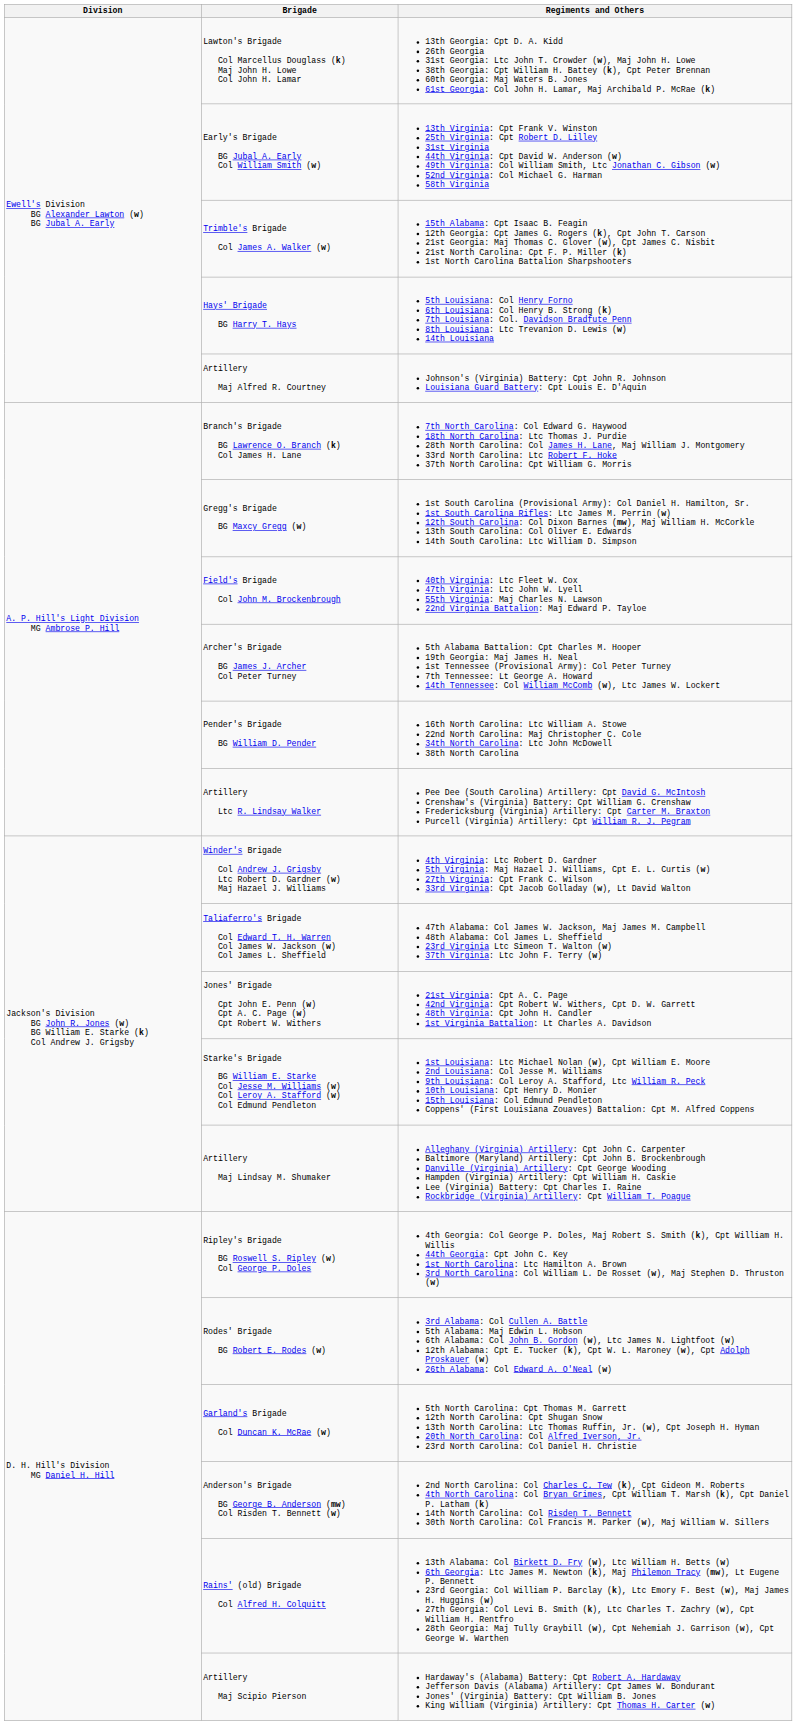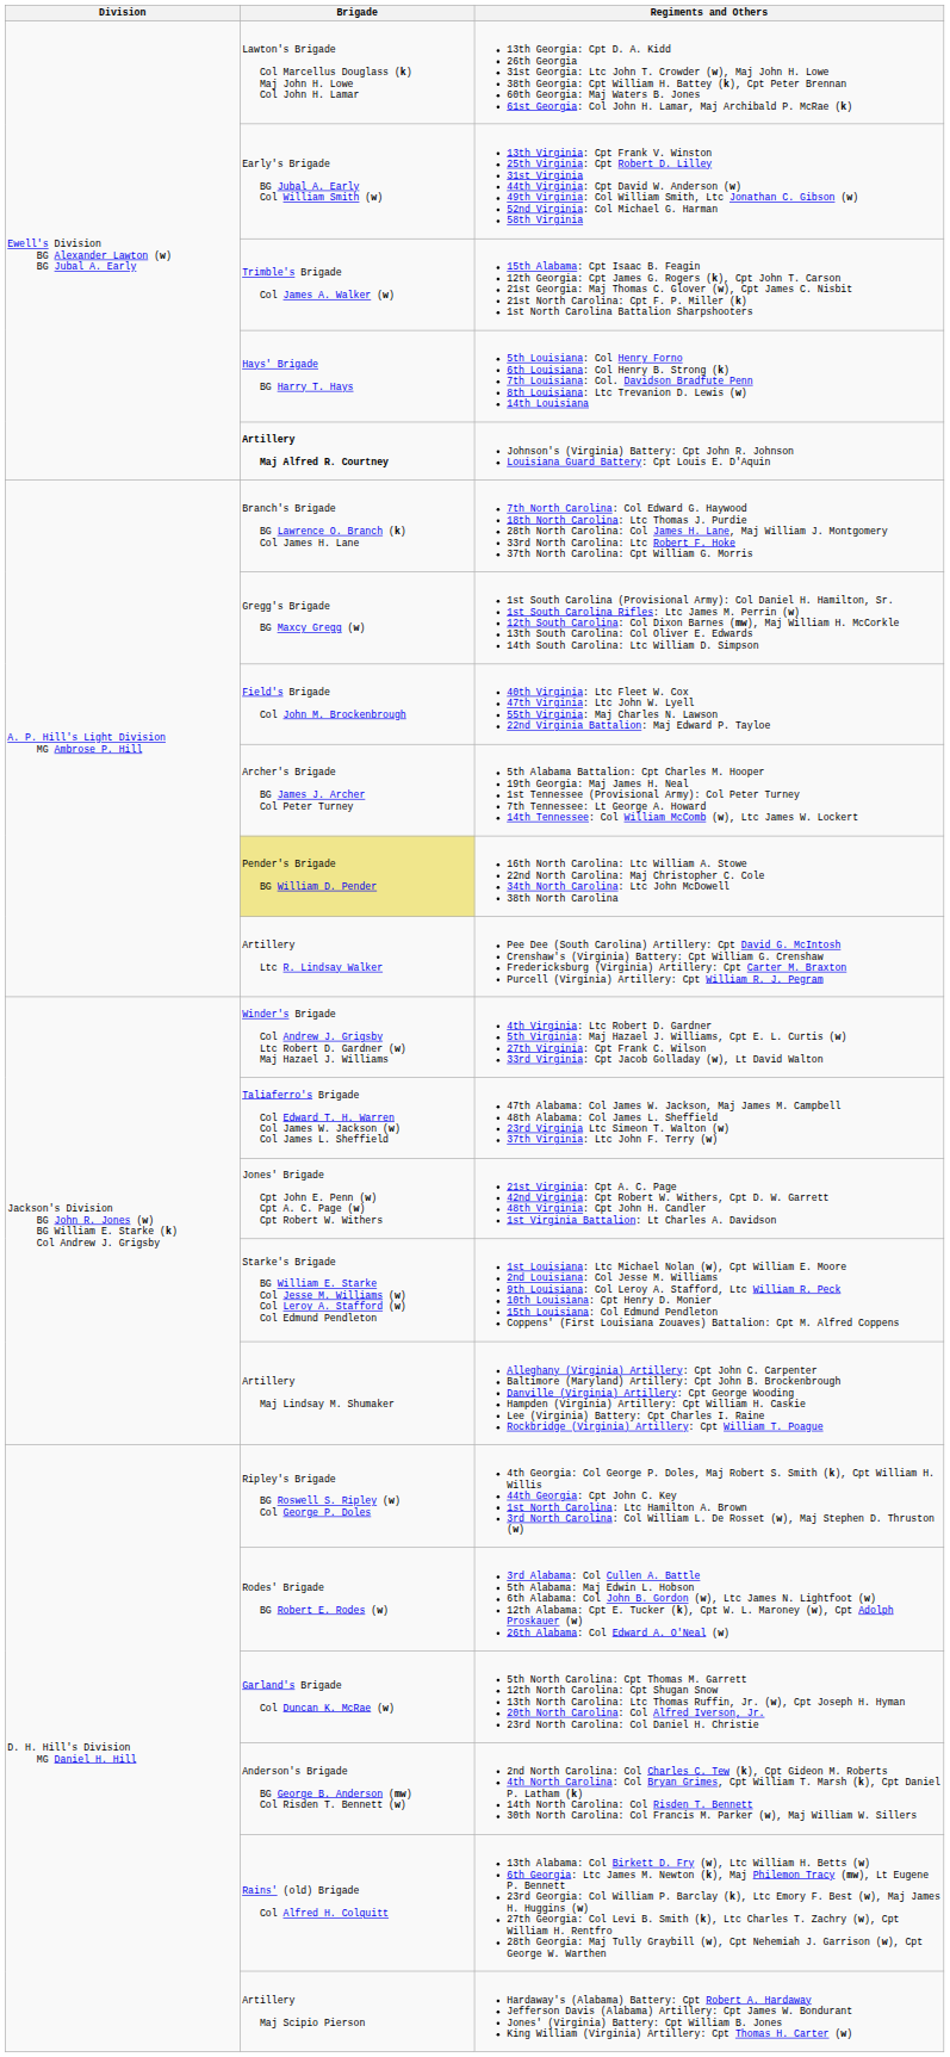 <table class="wikitable">
 <tr>
 <th width=25%>Division</th>
 <th width=25%>Brigade</th>
 <th>Regiments and Others</th>
 </tr>
 <tr>
 <td rowspan=5><br><a href='#'>Ewell's</a> Division <br>     BG <a href='#'>Alexander Lawton</a> (<strong>w</strong>) <br>     BG <a href='#'>Jubal A. Early</a></td>
 <td>Lawton's Brigade<br><br>   Col Marcellus Douglass (<strong>k</strong>) <br>   Maj John H. Lowe <br>   Col John H. Lamar</td>
 <td><br><ul><li>13th Georgia: Cpt D. A. Kidd</li><li>26th Georgia</li><li>31st Georgia: Ltc John T. Crowder (<strong>w</strong>), Maj John H. Lowe</li><li>38th Georgia: Cpt William H. Battey (<strong>k</strong>), Cpt Peter Brennan</li><li>60th Georgia: Maj Waters B. Jones</li><li><a href='#'>61st Georgia</a>: Col John H. Lamar, Maj Archibald P. McRae (<strong>k</strong>)</li></ul></td>
 </tr>
 <tr>
 <td>Early's Brigade<br><br>   BG <a href='#'>Jubal A. Early</a> <br>   Col <a href='#'>William Smith</a> (<strong>w</strong>)</td>
 <td><br><ul><li><a href='#'>13th Virginia</a>: Cpt Frank V. Winston</li><li><a href='#'>25th Virginia</a>: Cpt <a href='#'>Robert D. Lilley</a></li><li><a href='#'>31st Virginia</a></li><li><a href='#'>44th Virginia</a>: Cpt David W. Anderson (<strong>w</strong>)</li><li><a href='#'>49th Virginia</a>: Col William Smith, Ltc <a href='#'>Jonathan C. Gibson</a> (<strong>w</strong>)</li><li><a href='#'>52nd Virginia</a>: Col Michael G. Harman</li><li><a href='#'>58th Virginia</a></li></ul></td>
 </tr>
 <tr>
 <td><a href='#'>Trimble's</a> Brigade<br><br>   Col <a href='#'>James A. Walker</a> (<strong>w</strong>)</td>
 <td><br><ul><li><a href='#'>15th Alabama</a>: Cpt Isaac B. Feagin</li><li>12th Georgia: Cpt James G. Rogers (<strong>k</strong>), Cpt John T. Carson</li><li>21st Georgia: Maj Thomas C. Glover (<strong>w</strong>), Cpt James C. Nisbit</li><li>21st North Carolina: Cpt F. P. Miller (<strong>k</strong>)</li><li>1st North Carolina Battalion Sharpshooters</li></ul></td>
 </tr>
 <tr>
 <td><a href='#'>Hays' Brigade</a><br><br>   BG <a href='#'>Harry T. Hays</a></td>
 <td><br><ul><li><a href='#'>5th Louisiana</a>: Col <a href='#'>Henry Forno</a></li><li><a href='#'>6th Louisiana</a>: Col Henry B. Strong (<strong>k</strong>)</li><li><a href='#'>7th Louisiana</a>: Col. <a href='#'>Davidson Bradfute Penn</a></li><li><a href='#'>8th Louisiana</a>: Ltc Trevanion D. Lewis (<strong>w</strong>)</li><li><a href='#'>14th Louisiana</a></li></ul></td>
 </tr>
 <tr>
-<td>Artillery<br><br>   Maj Alfred R. Courtney</td>
+<td><strong>Artillery<br><br>   Maj Alfred R. Courtney</strong></td>
 <td><br><ul><li>Johnson's (Virginia) Battery: Cpt John R. Johnson</li><li><a href='#'>Louisiana Guard Battery</a>: Cpt Louis E. D'Aquin</li></ul></td>
 </tr>
 <tr>
 <td rowspan=6><br><a href='#'>A. P. Hill's Light Division</a> <br>     MG <a href='#'>Ambrose P. Hill</a></td>
 <td>Branch's Brigade<br><br>   BG <a href='#'>Lawrence O. Branch</a> (<strong>k</strong>) <br>   Col James H. Lane</td>
 <td><br><ul><li><a href='#'>7th North Carolina</a>: Col Edward G. Haywood</li><li><a href='#'>18th North Carolina</a>: Ltc Thomas J. Purdie</li><li>28th North Carolina: Col <a href='#'>James H. Lane</a>, Maj William J. Montgomery</li><li>33rd North Carolina: Ltc <a href='#'>Robert F. Hoke</a></li><li>37th North Carolina: Cpt William G. Morris</li></ul></td>
 </tr>
 <tr>
 <td>Gregg's Brigade<br><br>   BG <a href='#'>Maxcy Gregg</a> (<strong>w</strong>)</td>
 <td><br><ul><li>1st South Carolina (Provisional Army): Col Daniel H. Hamilton, Sr.</li><li><a href='#'>1st South Carolina Rifles</a>: Ltc James M. Perrin (<strong>w</strong>)</li><li><a href='#'>12th South Carolina</a>: Col Dixon Barnes (<strong>mw</strong>), Maj William H. McCorkle</li><li>13th South Carolina: Col Oliver E. Edwards</li><li>14th South Carolina: Ltc William D. Simpson</li></ul></td>
 </tr>
 <tr>
 <td><a href='#'>Field's</a> Brigade<br><br>   Col <a href='#'>John M. Brockenbrough</a></td>
 <td><br><ul><li><a href='#'>40th Virginia</a>: Ltc Fleet W. Cox</li><li><a href='#'>47th Virginia</a>: Ltc John W. Lyell</li><li><a href='#'>55th Virginia</a>: Maj Charles N. Lawson</li><li><a href='#'>22nd Virginia Battalion</a>: Maj Edward P. Tayloe</li></ul></td>
 </tr>
 <tr>
 <td>Archer's Brigade<br><br>   BG <a href='#'>James J. Archer</a> <br>   Col Peter Turney</td>
 <td><br><ul><li>5th Alabama Battalion: Cpt Charles M. Hooper</li><li>19th Georgia: Maj James H. Neal</li><li>1st Tennessee (Provisional Army): Col Peter Turney</li><li>7th Tennessee: Lt George A. Howard</li><li><a href='#'>14th Tennessee</a>: Col <a href='#'>William McComb</a> (<strong>w</strong>), Ltc James W. Lockert</li></ul></td>
 </tr>
 <tr>
-<td>Pender's Brigade<br><br>   BG <a href='#'>William D. Pender</a></td>
+<td style="background: khaki;">Pender's Brigade<br><br>   BG <a href='#'>William D. Pender</a></td>
 <td><br><ul><li>16th North Carolina: Ltc William A. Stowe</li><li>22nd North Carolina: Maj Christopher C. Cole</li><li><a href='#'>34th North Carolina</a>: Ltc John McDowell</li><li>38th North Carolina</li></ul></td>
 </tr>
 <tr>
 <td>Artillery<br><br>   Ltc <a href='#'>R. Lindsay Walker</a></td>
 <td><br><ul><li>Pee Dee (South Carolina) Artillery: Cpt <a href='#'>David G. McIntosh</a></li><li>Crenshaw's (Virginia) Battery: Cpt William G. Crenshaw</li><li>Fredericksburg (Virginia) Artillery: Cpt <a href='#'>Carter M. Braxton</a></li><li>Purcell (Virginia) Artillery: Cpt <a href='#'>William R. J. Pegram</a></li></ul></td>
 </tr>
 <tr>
 <td rowspan=5><br>Jackson's Division <br>     BG <a href='#'>John R. Jones</a> (<strong>w</strong>) <br>     BG William E. Starke (<strong>k</strong>) <br>     Col Andrew J. Grigsby</td>
 <td><a href='#'>Winder's</a> Brigade<br><br>   Col <a href='#'>Andrew J. Grigsby</a> <br>   Ltc Robert D. Gardner (<strong>w</strong>) <br>   Maj Hazael J. Williams</td>
 <td><br><ul><li><a href='#'>4th Virginia</a>: Ltc Robert D. Gardner</li><li><a href='#'>5th Virginia</a>: Maj Hazael J. Williams, Cpt E. L. Curtis (<strong>w</strong>)</li><li><a href='#'>27th Virginia</a>: Cpt Frank C. Wilson</li><li><a href='#'>33rd Virginia</a>: Cpt Jacob Golladay (<strong>w</strong>), Lt David Walton</li></ul></td>
 </tr>
 <tr>
 <td><a href='#'>Taliaferro's</a> Brigade<br><br>   Col <a href='#'>Edward T. H. Warren</a> <br>   Col James W. Jackson (<strong>w</strong>) <br>   Col James L. Sheffield</td>
 <td><br><ul><li>47th Alabama: Col James W. Jackson, Maj James M. Campbell</li><li>48th Alabama: Col James L. Sheffield</li><li><a href='#'>23rd Virginia</a> Ltc Simeon T. Walton (<strong>w</strong>)</li><li><a href='#'>37th Virginia</a>: Ltc John F. Terry (<strong>w</strong>)</li></ul></td>
 </tr>
 <tr>
 <td>Jones' Brigade<br><br>   Cpt John E. Penn (<strong>w</strong>) <br>   Cpt A. C. Page (<strong>w</strong>) <br>   Cpt Robert W. Withers</td>
 <td><br><ul><li><a href='#'>21st Virginia</a>: Cpt A. C. Page</li><li><a href='#'>42nd Virginia</a>: Cpt Robert W. Withers, Cpt D. W. Garrett</li><li><a href='#'>48th Virginia</a>: Cpt John H. Candler</li><li><a href='#'>1st Virginia Battalion</a>: Lt Charles A. Davidson</li></ul></td>
 </tr>
 <tr>
 <td>Starke's Brigade<br><br>   BG <a href='#'>William E. Starke</a> <br>   Col <a href='#'>Jesse M. Williams</a> (<strong>w</strong>) <br>   Col <a href='#'>Leroy A. Stafford</a> (<strong>w</strong>) <br>   Col Edmund Pendleton</td>
 <td><br><ul><li><a href='#'>1st Louisiana</a>: Ltc Michael Nolan (<strong>w</strong>), Cpt William E. Moore</li><li><a href='#'>2nd Louisiana</a>: Col Jesse M. Williams</li><li><a href='#'>9th Louisiana</a>: Col Leroy A. Stafford, Ltc <a href='#'>William R. Peck</a></li><li><a href='#'>10th Louisiana</a>: Cpt Henry D. Monier</li><li><a href='#'>15th Louisiana</a>: Col Edmund Pendleton</li><li>Coppens' (First Louisiana Zouaves) Battalion: Cpt M. Alfred Coppens</li></ul></td>
 </tr>
 <tr>
 <td>Artillery<br><br>   Maj Lindsay M. Shumaker</td>
 <td><br><ul><li><a href='#'>Alleghany (Virginia) Artillery</a>: Cpt John C. Carpenter</li><li>Baltimore (Maryland) Artillery: Cpt John B. Brockenbrough</li><li><a href='#'>Danville (Virginia) Artillery</a>: Cpt George Wooding</li><li>Hampden (Virginia) Artillery: Cpt William H. Caskie</li><li>Lee (Virginia) Battery: Cpt Charles I. Raine</li><li><a href='#'>Rockbridge (Virginia) Artillery</a>: Cpt <a href='#'>William T. Poague</a></li></ul></td>
 </tr>
 <tr>
 <td rowspan=6><br>D. H. Hill's Division <br>     MG <a href='#'>Daniel H. Hill</a></td>
 <td>Ripley's Brigade<br><br>   BG <a href='#'>Roswell S. Ripley</a> (<strong>w</strong>) <br>   Col <a href='#'>George P. Doles</a></td>
 <td><br><ul><li>4th Georgia: Col George P. Doles, Maj Robert S. Smith (<strong>k</strong>), Cpt William H. Willis</li><li><a href='#'>44th Georgia</a>: Cpt John C. Key</li><li><a href='#'>1st North Carolina</a>: Ltc Hamilton A. Brown</li><li><a href='#'>3rd North Carolina</a>: Col William L. De Rosset (<strong>w</strong>), Maj Stephen D. Thruston (<strong>w</strong>)</li></ul></td>
 </tr>
 <tr>
 <td>Rodes' Brigade<br><br>   BG <a href='#'>Robert E. Rodes</a> (<strong>w</strong>)</td>
 <td><br><ul><li><a href='#'>3rd Alabama</a>: Col <a href='#'>Cullen A. Battle</a></li><li>5th Alabama: Maj Edwin L. Hobson</li><li>6th Alabama: Col <a href='#'>John B. Gordon</a> (<strong>w</strong>), Ltc James N. Lightfoot (<strong>w</strong>)</li><li>12th Alabama: Cpt E. Tucker (<strong>k</strong>), Cpt W. L. Maroney (<strong>w</strong>), Cpt <a href='#'>Adolph Proskauer</a> (<strong>w</strong>)</li><li><a href='#'>26th Alabama</a>: Col <a href='#'>Edward A. O'Neal</a> (<strong>w</strong>)</li></ul></td>
 </tr>
 <tr>
 <td><a href='#'>Garland's</a> Brigade<br><br>   Col <a href='#'>Duncan K. McRae</a> (<strong>w</strong>)</td>
 <td><br><ul><li>5th North Carolina: Cpt Thomas M. Garrett</li><li>12th North Carolina: Cpt Shugan Snow</li><li>13th North Carolina: Ltc Thomas Ruffin, Jr. (<strong>w</strong>), Cpt Joseph H. Hyman</li><li><a href='#'>20th North Carolina</a>: Col <a href='#'>Alfred Iverson, Jr.</a></li><li>23rd North Carolina: Col Daniel H. Christie</li></ul></td>
 </tr>
 <tr>
 <td>Anderson's Brigade<br><br>   BG <a href='#'>George B. Anderson</a> (<strong>mw</strong>) <br>   Col Risden T. Bennett (<strong>w</strong>)</td>
 <td><br><ul><li>2nd North Carolina: Col <a href='#'>Charles C. Tew</a> (<strong>k</strong>), Cpt Gideon M. Roberts</li><li><a href='#'>4th North Carolina</a>: Col <a href='#'>Bryan Grimes</a>, Cpt William T. Marsh (<strong>k</strong>), Cpt Daniel P. Latham (<strong>k</strong>)</li><li>14th North Carolina: Col <a href='#'>Risden T. Bennett</a></li><li>30th North Carolina: Col Francis M. Parker (<strong>w</strong>), Maj William W. Sillers</li></ul></td>
 </tr>
 <tr>
 <td><a href='#'>Rains'</a> (old) Brigade<br><br>   Col <a href='#'>Alfred H. Colquitt</a></td>
 <td><br><ul><li>13th Alabama: Col <a href='#'>Birkett D. Fry</a> (<strong>w</strong>), Ltc William H. Betts (<strong>w</strong>)</li><li><a href='#'>6th Georgia</a>: Ltc James M. Newton (<strong>k</strong>), Maj <a href='#'>Philemon Tracy</a> (<strong>mw</strong>), Lt Eugene P. Bennett</li><li>23rd Georgia: Col William P. Barclay (<strong>k</strong>), Ltc Emory F. Best (<strong>w</strong>), Maj James H. Huggins (<strong>w</strong>)</li><li>27th Georgia: Col Levi B. Smith (<strong>k</strong>), Ltc Charles T. Zachry (<strong>w</strong>), Cpt William H. Rentfro</li><li>28th Georgia: Maj Tully Graybill (<strong>w</strong>), Cpt Nehemiah J. Garrison (<strong>w</strong>), Cpt George W. Warthen</li></ul></td>
 </tr>
 <tr>
 <td>Artillery<br><br>   Maj Scipio Pierson</td>
 <td><br><ul><li>Hardaway's (Alabama) Battery: Cpt <a href='#'>Robert A. Hardaway</a></li><li>Jefferson Davis (Alabama) Artillery: Cpt James W. Bondurant</li><li>Jones' (Virginia) Battery: Cpt William B. Jones</li><li>King William (Virginia) Artillery: Cpt <a href='#'>Thomas H. Carter</a> (<strong>w</strong>)</li></ul></td>
 </tr>
 </table>
